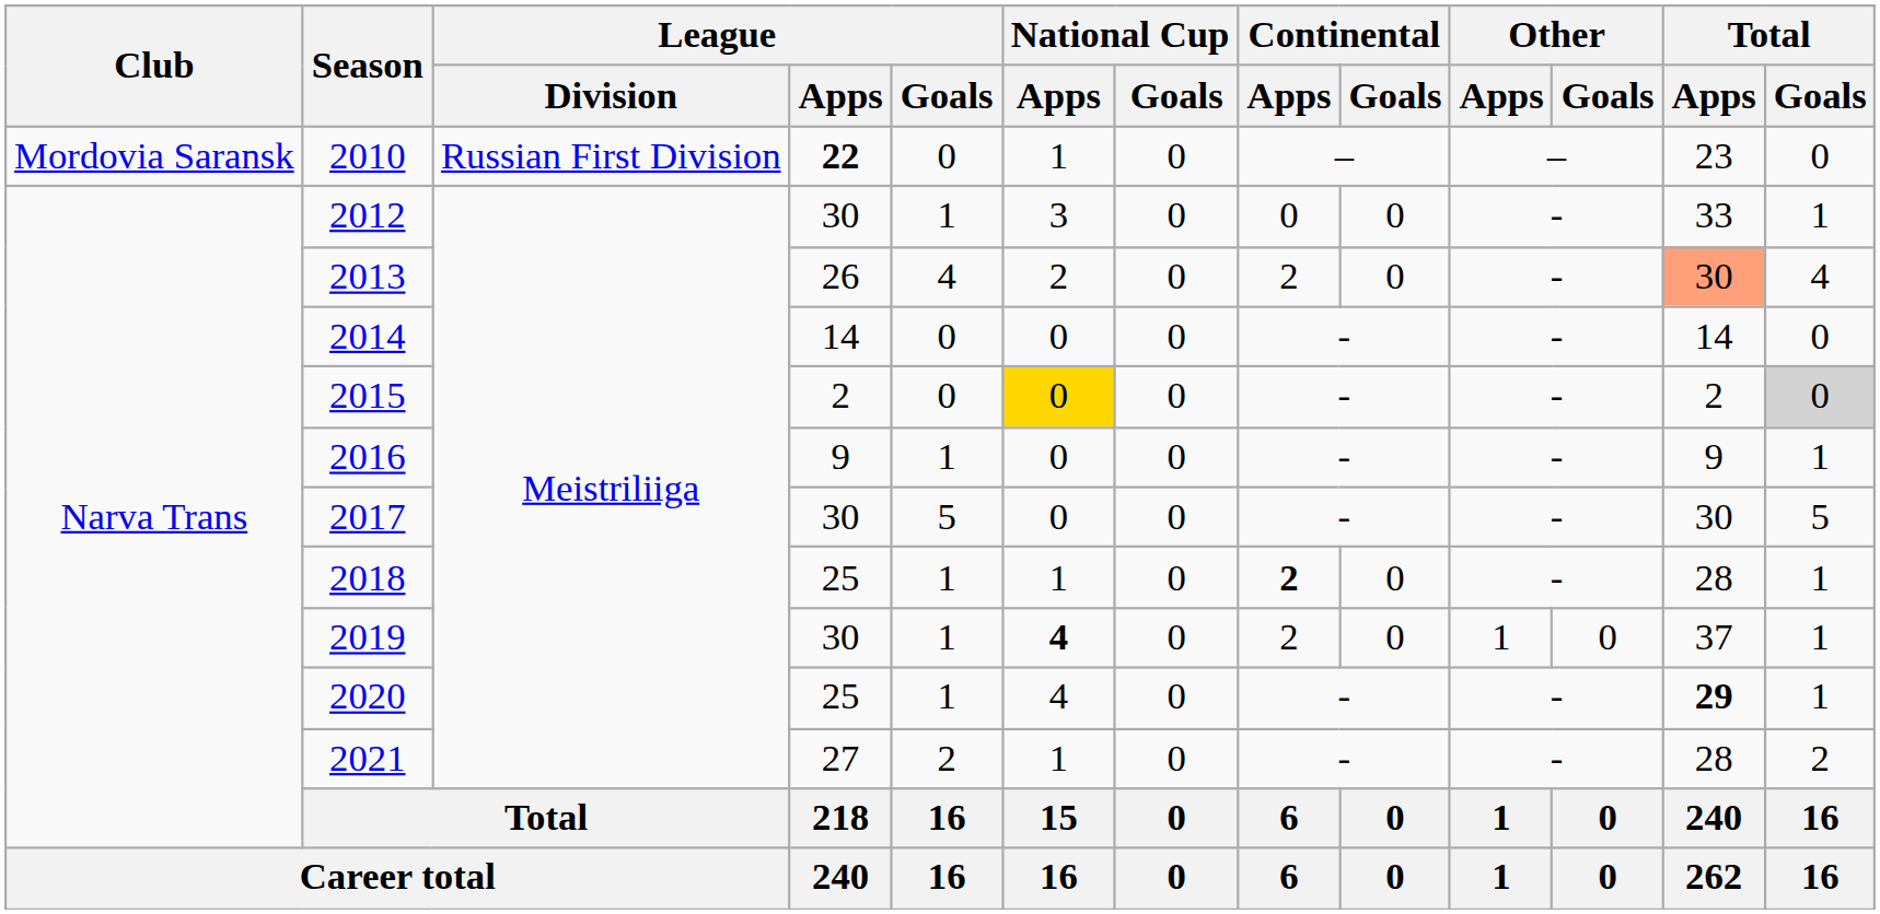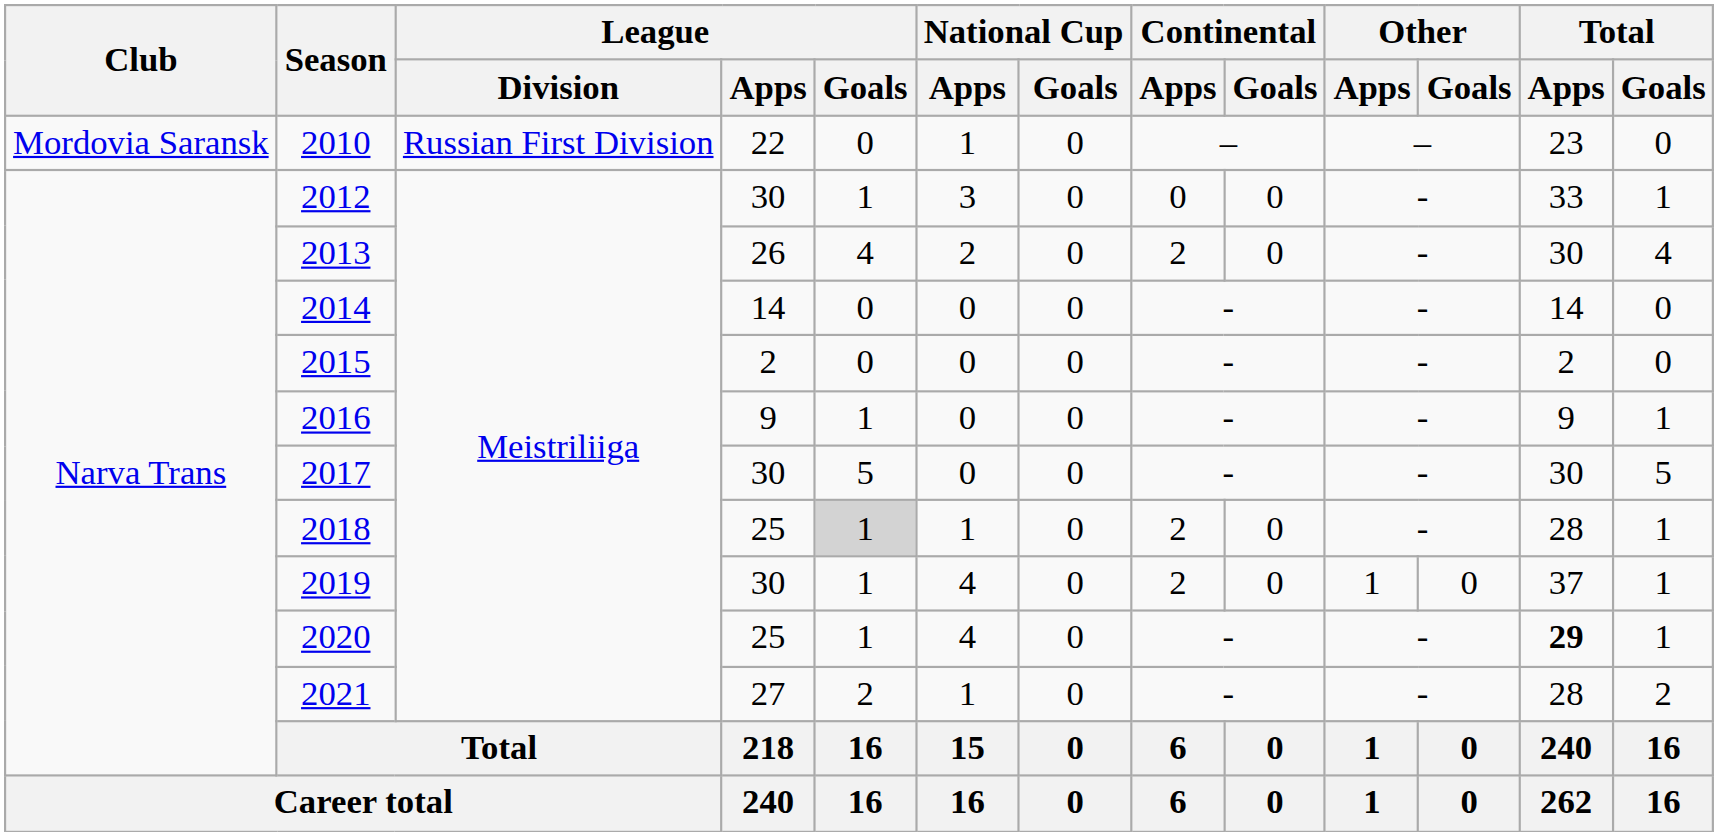 <table class="wikitable" style="text-align: center;">
 <tr>
 <th rowspan="2">Club</th>
 <th rowspan="2">Season</th>
 <th colspan="3">League</th>
 <th colspan="2">National Cup</th>
 <th colspan="2">Continental</th>
 <th colspan="2">Other</th>
 <th colspan="2">Total</th>
 </tr>
 <tr>
 <th>Division</th>
 <th>Apps</th>
 <th>Goals</th>
 <th>Apps</th>
 <th>Goals</th>
 <th>Apps</th>
 <th>Goals</th>
 <th>Apps</th>
 <th>Goals</th>
 <th>Apps</th>
 <th>Goals</th>
 </tr>
 <tr>
 <td valign="center"><a href='#'>Mordovia Saransk</a></td>
 <td><a href='#'>2010</a></td>
 <td><a href='#'>Russian First Division</a></td>
-<td><strong>22</strong></td>
+<td>22</td>
 <td>0</td>
 <td>1</td>
 <td>0</td>
 <td colspan="2">–</td>
 <td colspan="2">–</td>
 <td>23</td>
 <td>0</td>
 </tr>
 <tr>
 <td rowspan="11" valign="center"><a href='#'>Narva Trans</a></td>
 <td><a href='#'>2012</a></td>
 <td rowspan="10" valign="center"><a href='#'>Meistriliiga</a></td>
 <td>30</td>
 <td>1</td>
 <td>3</td>
 <td>0</td>
 <td>0</td>
 <td>0</td>
 <td colspan="2">-</td>
 <td>33</td>
 <td>1</td>
 </tr>
 <tr>
 <td><a href='#'>2013</a></td>
 <td>26</td>
 <td>4</td>
 <td>2</td>
 <td>0</td>
 <td>2</td>
 <td>0</td>
 <td colspan="2">-</td>
-<td style="background: lightsalmon;">30</td>
+<td>30</td>
 <td>4</td>
 </tr>
 <tr>
 <td><a href='#'>2014</a></td>
 <td>14</td>
 <td>0</td>
 <td>0</td>
 <td>0</td>
 <td colspan="2">-</td>
 <td colspan="2">-</td>
 <td>14</td>
 <td>0</td>
 </tr>
 <tr>
 <td><a href='#'>2015</a></td>
 <td>2</td>
 <td>0</td>
-<td style="background: gold;">0</td>
+<td>0</td>
 <td>0</td>
 <td colspan="2">-</td>
 <td colspan="2">-</td>
 <td>2</td>
-<td style="background: lightgrey;">0</td>
+<td>0</td>
 </tr>
 <tr>
 <td><a href='#'>2016</a></td>
 <td>9</td>
 <td>1</td>
 <td>0</td>
 <td>0</td>
 <td colspan="2">-</td>
 <td colspan="2">-</td>
 <td>9</td>
 <td>1</td>
 </tr>
 <tr>
 <td><a href='#'>2017</a></td>
 <td>30</td>
 <td>5</td>
 <td>0</td>
 <td>0</td>
 <td colspan="2">-</td>
 <td colspan="2">-</td>
 <td>30</td>
 <td>5</td>
 </tr>
 <tr>
 <td><a href='#'>2018</a></td>
 <td>25</td>
-<td>1</td>
+<td style="background: lightgrey;">1</td>
 <td>1</td>
 <td>0</td>
-<td><strong>2</strong></td>
+<td>2</td>
 <td>0</td>
 <td colspan="2">-</td>
 <td>28</td>
 <td>1</td>
 </tr>
 <tr>
 <td><a href='#'>2019</a></td>
 <td>30</td>
 <td>1</td>
-<td><strong>4</strong></td>
+<td>4</td>
 <td>0</td>
 <td>2</td>
 <td>0</td>
 <td>1</td>
 <td>0</td>
 <td>37</td>
 <td>1</td>
 </tr>
 <tr>
 <td><a href='#'>2020</a></td>
 <td>25</td>
 <td>1</td>
 <td>4</td>
 <td>0</td>
 <td colspan="2">-</td>
 <td colspan="2">-</td>
 <td><strong>29</strong></td>
 <td>1</td>
 </tr>
 <tr>
 <td><a href='#'>2021</a></td>
 <td>27</td>
 <td>2</td>
 <td>1</td>
 <td>0</td>
 <td colspan="2">-</td>
 <td colspan="2">-</td>
 <td>28</td>
 <td>2</td>
 </tr>
 <tr>
 <th colspan="2">Total</th>
 <th>218</th>
 <th>16</th>
 <th>15</th>
 <th>0</th>
 <th>6</th>
 <th>0</th>
 <th>1</th>
 <th>0</th>
 <th>240</th>
 <th>16</th>
 </tr>
 <tr>
 <th colspan="3">Career total</th>
 <th>240</th>
 <th>16</th>
 <th>16</th>
 <th>0</th>
 <th>6</th>
 <th>0</th>
 <th>1</th>
 <th>0</th>
 <th>262</th>
 <th>16</th>
 </tr>
 </table>
